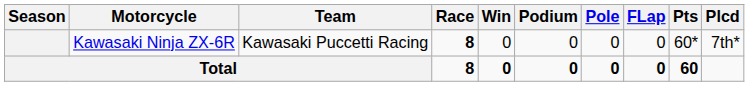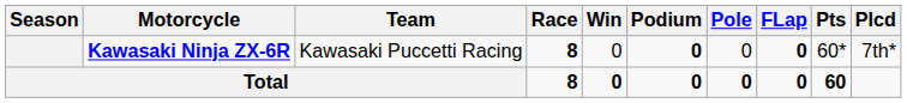 <table class="wikitable" style="text-align:right;">
 <tr>
 <th>Season</th>
 <th>Motorcycle</th>
 <th>Team</th>
 <th>Race</th>
 <th>Win</th>
 <th>Podium</th>
 <th><a href='#'>Pole</a></th>
 <th><a href='#'>FLap</a></th>
 <th>Pts</th>
 <th>Plcd</th>
 </tr>
 <tr>
 <th></th>
-<td><a href='#'>Kawasaki Ninja ZX-6R</a></td>
+<td><strong><a href='#'>Kawasaki Ninja ZX-6R</a></strong></td>
 <td>Kawasaki Puccetti Racing</td>
 <td><strong>8</strong></td>
 <td>0</td>
+<td><strong>0</strong></td>
 <td>0</td>
-<td>0</td>
-<td>0</td>
+<td><strong>0</strong></td>
 <td>60*</td>
 <td>7th*</td>
 </tr>
 <tr>
 <th colspan="3">Total</th>
 <td><strong>8</strong></td>
 <td><strong>0</strong></td>
 <td><strong>0</strong></td>
 <td><strong>0</strong></td>
 <td><strong>0</strong></td>
 <td><strong>60</strong></td>
 <td></td>
 </tr>
 </table>
